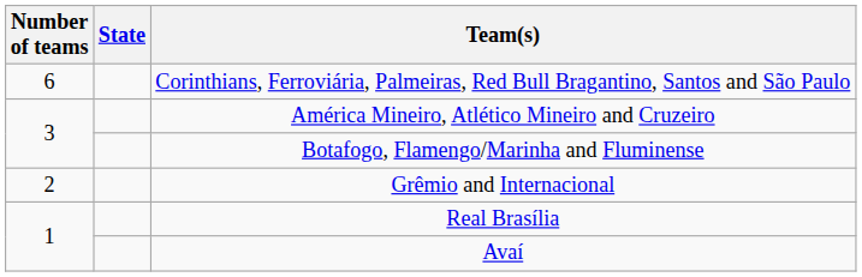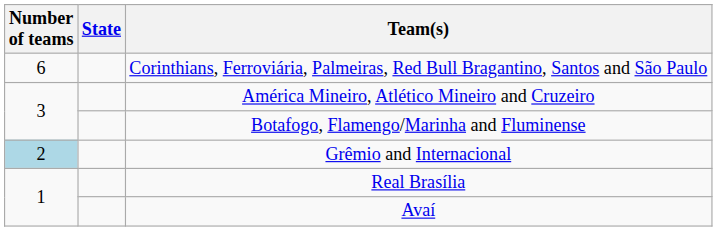 <table class="wikitable" style="text-align:center">
 <tr>
 <th>Number<br>of teams</th>
 <th><a href='#'>State</a></th>
 <th>Team(s)</th>
 </tr>
 <tr>
 <td>6</td>
 <td align=left></td>
 <td><a href='#'>Corinthians</a>, <a href='#'>Ferroviária</a>, <a href='#'>Palmeiras</a>, <a href='#'>Red Bull Bragantino</a>, <a href='#'>Santos</a> and <a href='#'>São Paulo</a></td>
 </tr>
 <tr>
 <td rowspan=2>3</td>
 <td align=left></td>
 <td><a href='#'>América Mineiro</a>, <a href='#'>Atlético Mineiro</a> and <a href='#'>Cruzeiro</a></td>
 </tr>
 <tr>
 <td align=left></td>
 <td><a href='#'>Botafogo</a>, <a href='#'>Flamengo</a>/<a href='#'>Marinha</a> and <a href='#'>Fluminense</a></td>
 </tr>
 <tr>
-<td rowspan=1>2</td>
+<td rowspan=1 style="background: lightblue;">2</td>
 <td align=left></td>
 <td><a href='#'>Grêmio</a> and <a href='#'>Internacional</a></td>
 </tr>
 <tr>
 <td rowspan=2>1</td>
 <td align=left></td>
 <td><a href='#'>Real Brasília</a></td>
 </tr>
 <tr>
 <td align=left></td>
 <td><a href='#'>Avaí</a></td>
 </tr>
 </table>
